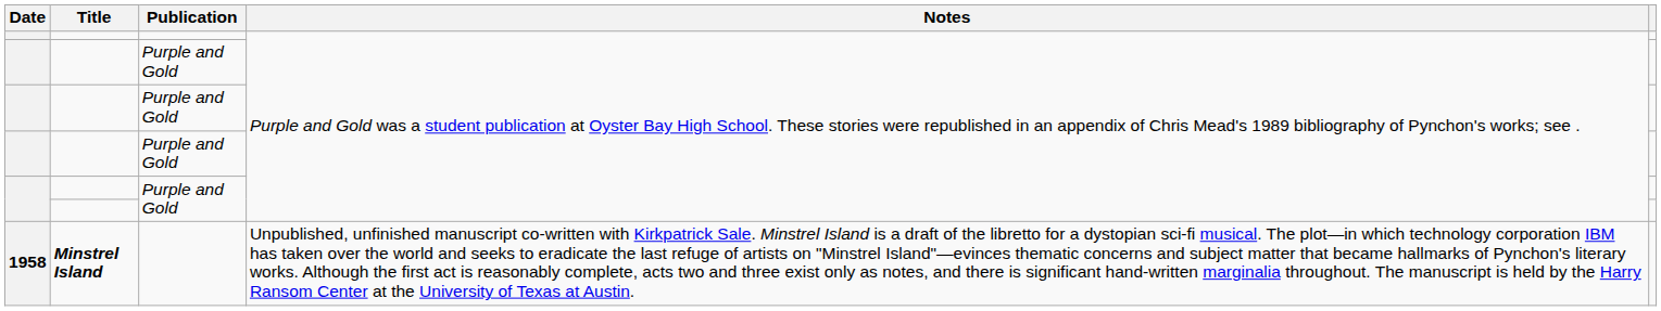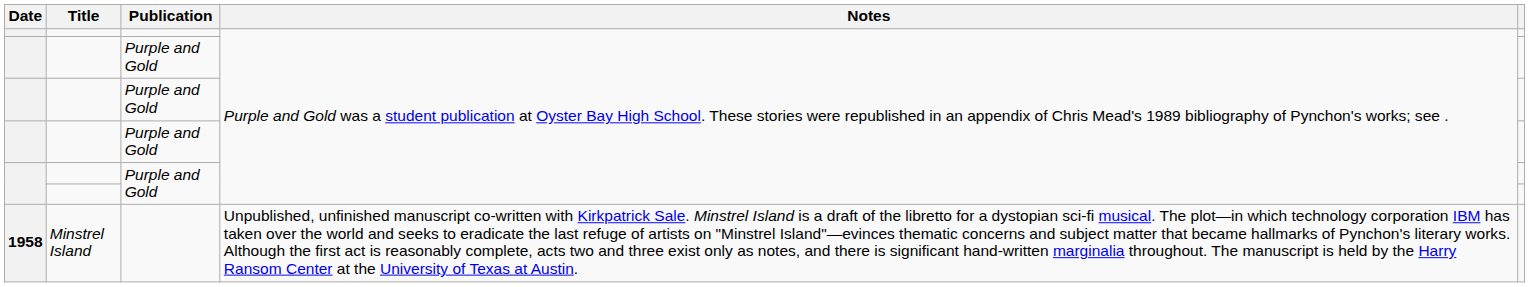 <table class="wikitable plainrowheaders sortable">
 <tr>
 <th scope="col">Date</th>
 <th scope="col">Title</th>
 <th scope="col">Publication</th>
 <th scope="col" class="unsortable">Notes</th>
 <th scope="col" class="unsortable"></th>
 </tr>
 <tr>
 <th></th>
 <td></td>
 <td></td>
 <td rowspan="6"><em>Purple and Gold</em> was a <a href='#'>student publication</a> at <a href='#'>Oyster Bay High School</a>. These stories were republished in an appendix of Chris Mead's 1989 bibliography of Pynchon's works; see .</td>
 <td style="text-align:center;"></td>
 </tr>
 <tr>
 <th></th>
 <td></td>
 <td><em>Purple and Gold</em> </td>
 <td style="text-align:center;"></td>
 </tr>
 <tr>
 <th></th>
 <td></td>
 <td><em>Purple and Gold</em> </td>
 <td style="text-align:center;"></td>
 </tr>
 <tr>
 <th></th>
 <td></td>
 <td><em>Purple and Gold</em> </td>
 <td style="text-align:center;"></td>
 </tr>
 <tr>
 <th rowspan="2"></th>
 <td></td>
 <td rowspan="2"><em>Purple and Gold</em> </td>
 <td style="text-align:center;"></td>
 </tr>
 <tr>
 <td></td>
 <td style="text-align:center;"></td>
 </tr>
 <tr>
 <th>1958</th>
-<td><strong><em>Minstrel Island</em></strong></td>
+<td><em>Minstrel Island</em></td>
 <td></td>
 <td>Unpublished, unfinished manuscript co-written with <a href='#'>Kirkpatrick Sale</a>. <em>Minstrel Island</em> is a draft of the libretto for a dystopian sci-fi <a href='#'>musical</a>. The plot—in which technology corporation <a href='#'>IBM</a> has taken over the world and seeks to eradicate the last refuge of artists on "Minstrel Island"—evinces thematic concerns and subject matter that became hallmarks of Pynchon's literary works. Although the first act is reasonably complete, acts two and three exist only as notes, and there is significant hand-written <a href='#'>marginalia</a> throughout. The manuscript is held by the <a href='#'>Harry Ransom Center</a> at the <a href='#'>University of Texas at Austin</a>.</td>
 <td style="text-align:center;"></td>
 </tr>
 </table>
